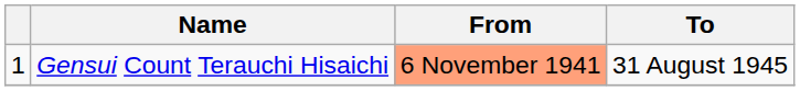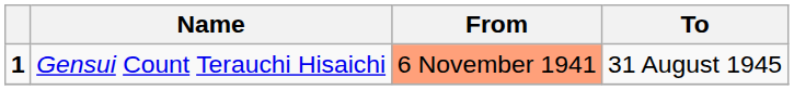 <table class=wikitable>
 <tr>
 <th></th>
 <th>Name</th>
 <th>From</th>
 <th>To</th>
 </tr>
 <tr>
-<td>1</td>
+<td><strong>1</strong></td>
 <td><em><a href='#'>Gensui</a></em> <a href='#'>Count</a> <a href='#'>Terauchi Hisaichi</a></td>
 <td style="background: lightsalmon;">6 November 1941</td>
 <td>31 August 1945</td>
 </tr>
 <tr>
 </tr>
 </table>
